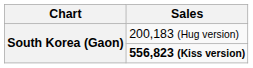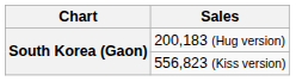 <table class="wikitable plainrowheaders">
 <tr>
 <th scope="col">Chart</th>
 <th scope="col">Sales</th>
 </tr>
 <tr>
 <th scope="row"  rowspan="2">South Korea (Gaon)</th>
 <td style="text=align:center">200,183 <small>(Hug version)</small></td>
 </tr>
 <tr>
-<td style="text=align:center"><strong>556,823 <small>(Kiss version)</small></strong></td>
+<td style="text=align:center">556,823 <small>(Kiss version)</small></td>
 </tr>
 </table>
